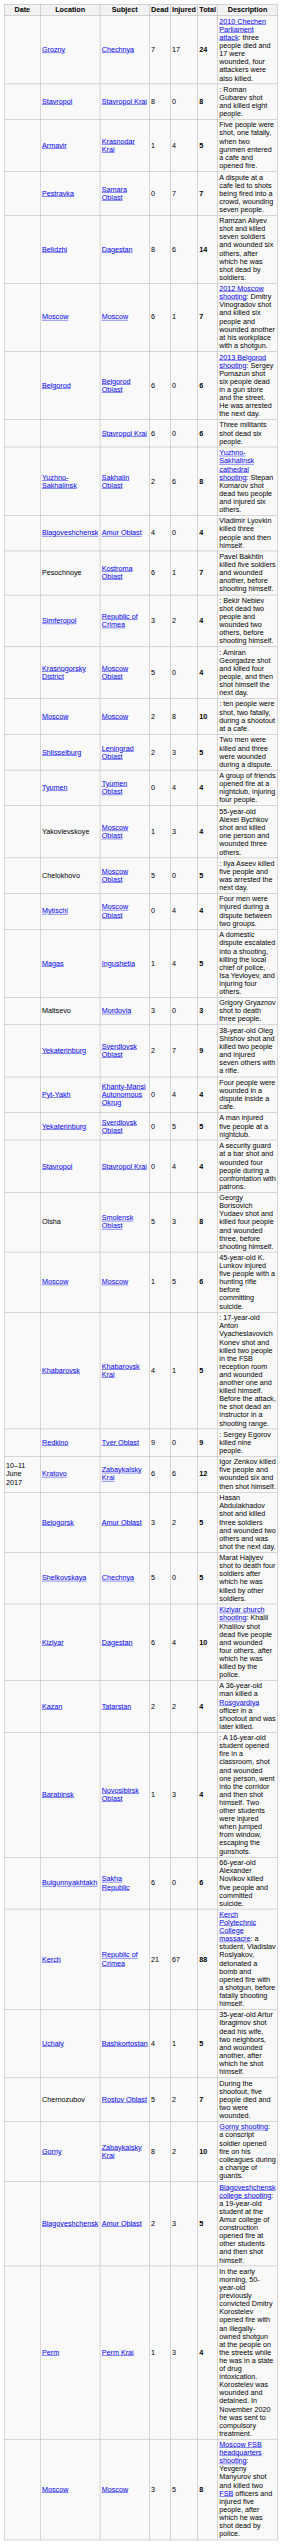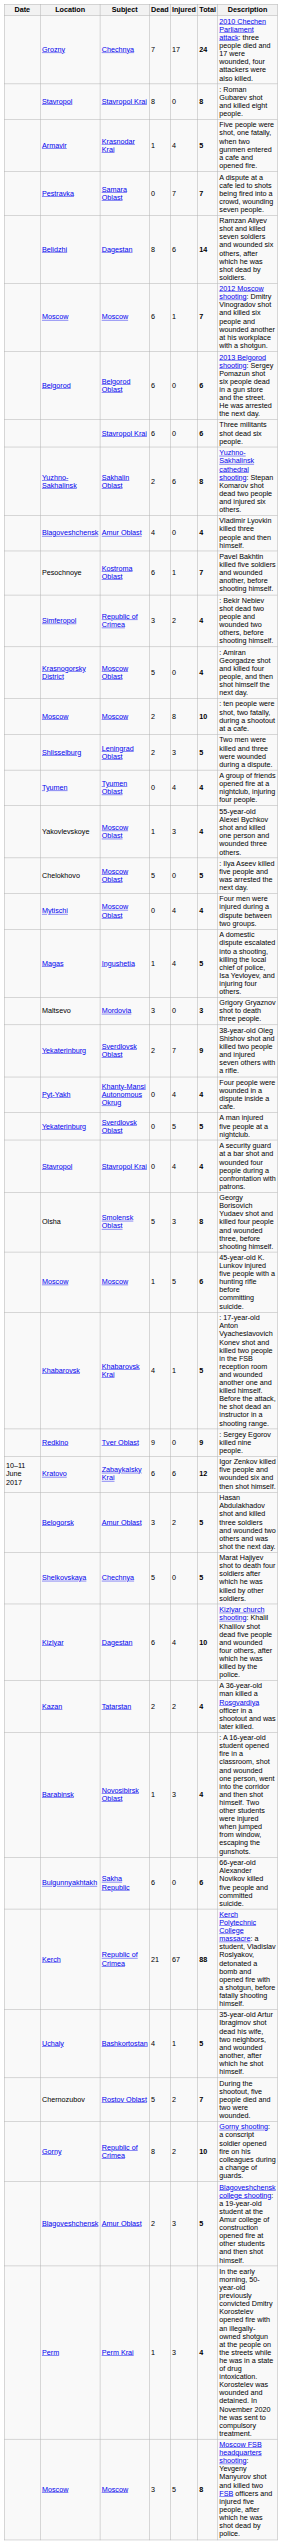 <table class="wikitable sortable">
 <tr>
 <th scope="col" style="width: 8rem;">Date</th>
 <th scope="col" style="width: 5rem;">Location</th>
 <th scope="col" style="width: 5rem;">Subject</th>
 <th data-sort-type=number>Dead</th>
 <th data-sort-type=number>Injured</th>
 <th data-sort-type=number>Total</th>
 <th class=unsortable>Description</th>
 </tr>
 <tr>
 <td></td>
 <td><a href='#'>Grozny</a></td>
 <td><a href='#'>Chechnya</a></td>
 <td>7</td>
 <td>17</td>
 <td><strong>24</strong></td>
 <td><a href='#'>2010 Chechen Parliament attack</a>: three people died and 17 were wounded, four attackers were also killed.</td>
 </tr>
 <tr>
 <td></td>
 <td><a href='#'>Stavropol</a></td>
 <td><a href='#'>Stavropol Krai</a></td>
 <td>8</td>
 <td>0</td>
 <td><strong>8</strong></td>
 <td>: Roman Gubarev shot and killed eight people.</td>
 </tr>
 <tr>
 <td></td>
 <td><a href='#'>Armavir</a></td>
 <td><a href='#'>Krasnodar Krai</a></td>
 <td>1</td>
 <td>4</td>
 <td><strong>5</strong></td>
 <td>Five people were shot, one fatally, when two gunmen entered a cafe and opened fire.</td>
 </tr>
 <tr>
 <td></td>
 <td><a href='#'>Pestravka</a></td>
 <td><a href='#'>Samara Oblast</a></td>
 <td>0</td>
 <td>7</td>
 <td><strong>7</strong></td>
 <td>A dispute at a cafe led to shots being fired into a crowd, wounding seven people.</td>
 </tr>
 <tr>
 <td></td>
 <td><a href='#'>Belidzhi</a></td>
 <td><a href='#'>Dagestan</a></td>
 <td>8</td>
 <td>6</td>
 <td><strong>14</strong></td>
 <td>Ramzan Aliyev shot and killed seven soldiers and wounded six others, after which he was shot dead by soldiers.</td>
 </tr>
 <tr>
 <td></td>
 <td><a href='#'>Moscow</a></td>
 <td><a href='#'>Moscow</a></td>
 <td>6</td>
 <td>1</td>
 <td><strong>7</strong></td>
 <td><a href='#'>2012 Moscow shooting</a>: Dmitry Vinogradov shot and killed six people and wounded another at his workplace with a shotgun.</td>
 </tr>
 <tr>
 <td></td>
 <td><a href='#'>Belgorod</a></td>
 <td><a href='#'>Belgorod Oblast</a></td>
 <td>6</td>
 <td>0</td>
 <td><strong>6</strong></td>
 <td><a href='#'>2013 Belgorod shooting</a>: Sergey Pomazun shot six people dead in a gun store and the street. He was arrested the next day.</td>
 </tr>
 <tr>
 <td></td>
 <td></td>
 <td><a href='#'>Stavropol Krai</a></td>
 <td>6</td>
 <td>0</td>
 <td><strong>6</strong></td>
 <td>Three militants shot dead six people.</td>
 </tr>
 <tr>
 <td></td>
 <td><a href='#'>Yuzhno-Sakhalinsk</a></td>
 <td><a href='#'>Sakhalin Oblast</a></td>
 <td>2</td>
 <td>6</td>
 <td><strong>8</strong></td>
 <td><a href='#'>Yuzhno-Sakhalinsk cathedral shooting</a>: Stepan Komarov shot dead two people and injured six others.</td>
 </tr>
 <tr>
 <td></td>
 <td><a href='#'>Blagoveshchensk</a></td>
 <td><a href='#'>Amur Oblast</a></td>
 <td>4</td>
 <td>0</td>
 <td><strong>4</strong></td>
 <td>Vladimir Lyovkin killed three people and then himself.</td>
 </tr>
 <tr>
 <td></td>
 <td>Pesochnoye</td>
 <td><a href='#'>Kostroma Oblast</a></td>
 <td>6</td>
 <td>1</td>
 <td><strong>7</strong></td>
 <td>Pavel Bakhtin killed five soldiers and wounded another, before shooting himself.</td>
 </tr>
 <tr>
 <td></td>
 <td><a href='#'>Simferopol</a></td>
 <td><a href='#'>Republic of Crimea</a></td>
 <td>3</td>
 <td>2</td>
 <td><strong>4</strong></td>
 <td>: Bekir Nebiev shot dead two people and wounded two others, before shooting himself.</td>
 </tr>
 <tr>
 <td></td>
 <td><a href='#'>Krasnogorsky District</a></td>
 <td><a href='#'>Moscow Oblast</a></td>
 <td>5</td>
 <td>0</td>
 <td><strong>4</strong></td>
 <td>: Amiran Georgadze shot and killed four people, and then shot himself the next day.</td>
 </tr>
 <tr>
 <td></td>
 <td><a href='#'>Moscow</a></td>
 <td><a href='#'>Moscow</a></td>
 <td>2</td>
 <td>8</td>
 <td><strong>10</strong></td>
 <td>: ten people were shot, two fatally, during a shootout at a cafe.</td>
 </tr>
 <tr>
 <td></td>
 <td><a href='#'>Shlisselburg</a></td>
 <td><a href='#'>Leningrad Oblast</a></td>
 <td>2</td>
 <td>3</td>
 <td><strong>5</strong></td>
 <td>Two men were killed and three were wounded during a dispute.</td>
 </tr>
 <tr>
 <td></td>
 <td><a href='#'>Tyumen</a></td>
 <td><a href='#'>Tyumen Oblast</a></td>
 <td>0</td>
 <td>4</td>
 <td><strong>4</strong></td>
 <td>A group of friends opened fire at a nightclub, injuring four people.</td>
 </tr>
 <tr>
 <td></td>
 <td>Yakovlevskoye</td>
 <td><a href='#'>Moscow Oblast</a></td>
 <td>1</td>
 <td>3</td>
 <td><strong>4</strong></td>
 <td>55-year-old Alexei Bychkov shot and killed one person and wounded three others.</td>
 </tr>
 <tr>
 <td></td>
 <td>Chelokhovo</td>
 <td><a href='#'>Moscow Oblast</a></td>
 <td>5</td>
 <td>0</td>
 <td><strong>5</strong></td>
 <td>: Ilya Aseev killed five people and was arrested the next day.</td>
 </tr>
 <tr>
 <td></td>
 <td><a href='#'>Mytischi</a></td>
 <td><a href='#'>Moscow Oblast</a></td>
 <td>0</td>
 <td>4</td>
 <td><strong>4</strong></td>
 <td>Four men were injured during a dispute between two groups.</td>
 </tr>
 <tr>
 <td></td>
 <td><a href='#'>Magas</a></td>
 <td><a href='#'>Ingushetia</a></td>
 <td>1</td>
 <td>4</td>
 <td><strong>5</strong></td>
 <td>A domestic dispute escalated into a shooting, killing the local chief of police, Isa Yevloyev, and injuring four others.</td>
 </tr>
 <tr>
 <td></td>
 <td>Maltsevo</td>
 <td><a href='#'>Mordovia</a></td>
 <td>3</td>
 <td>0</td>
 <td><strong>3</strong></td>
 <td>Grigory Gryaznov shot to death three people.</td>
 </tr>
 <tr>
 <td></td>
 <td><a href='#'>Yekaterinburg</a></td>
 <td><a href='#'>Sverdlovsk Oblast</a></td>
 <td>2</td>
 <td>7</td>
 <td><strong>9</strong></td>
 <td>38-year-old Oleg Shishov shot and killed two people and injured seven others with a rifle.</td>
 </tr>
 <tr>
 <td></td>
 <td><a href='#'>Pyt-Yakh</a></td>
 <td><a href='#'>Khanty-Mansi Autonomous Okrug</a></td>
 <td>0</td>
 <td>4</td>
 <td><strong>4</strong></td>
 <td>Four people were wounded in a dispute inside a cafe.</td>
 </tr>
 <tr>
 <td></td>
 <td><a href='#'>Yekaterinburg</a></td>
 <td><a href='#'>Sverdlovsk Oblast</a></td>
 <td>0</td>
 <td>5</td>
 <td><strong>5</strong></td>
 <td>A man injured five people at a nightclub.</td>
 </tr>
 <tr>
 <td></td>
 <td><a href='#'>Stavropol</a></td>
 <td><a href='#'>Stavropol Krai</a></td>
 <td>0</td>
 <td>4</td>
 <td><strong>4</strong></td>
 <td>A security guard at a bar shot and wounded four people during a confrontation with patrons.</td>
 </tr>
 <tr>
 <td></td>
 <td>Olsha</td>
 <td><a href='#'>Smolensk Oblast</a></td>
 <td>5</td>
 <td>3</td>
 <td><strong>8</strong></td>
 <td>Georgy Borisovich Yudaev shot and killed four people and wounded three, before shooting himself.</td>
 </tr>
 <tr>
 <td></td>
 <td><a href='#'>Moscow</a></td>
 <td><a href='#'>Moscow</a></td>
 <td>1</td>
 <td>5</td>
 <td><strong>6</strong></td>
 <td>45-year-old K. Lunkov injured five people with a hunting rifle before committing suicide.</td>
 </tr>
 <tr>
 <td></td>
 <td><a href='#'>Khabarovsk</a></td>
 <td><a href='#'>Khabarovsk Krai</a></td>
 <td>4</td>
 <td>1</td>
 <td><strong>5</strong></td>
 <td>: 17-year-old Anton Vyacheslavovich Konev shot and killed two people in the FSB reception room and wounded another one and killed himself.<br>Before the attack, he shot dead an instructor in a shooting range.</td>
 </tr>
 <tr>
 <td></td>
 <td><a href='#'>Redkino</a></td>
 <td><a href='#'>Tver Oblast</a></td>
 <td>9</td>
 <td>0</td>
 <td><strong>9</strong></td>
 <td>: Sergey Egorov killed nine people.</td>
 </tr>
 <tr>
 <td>10–11 June 2017</td>
 <td><a href='#'>Kratovo</a></td>
 <td><a href='#'>Zabaykalsky Krai</a></td>
 <td>6</td>
 <td>6</td>
 <td><strong>12</strong></td>
 <td> Igor Zenkov killed five people and wounded six and then shot himself.</td>
 </tr>
 <tr>
 <td></td>
 <td><a href='#'>Belogorsk</a></td>
 <td><a href='#'>Amur Oblast</a></td>
 <td>3</td>
 <td>2</td>
 <td><strong>5</strong></td>
 <td>Hasan Abdulakhadov shot and killed three soldiers and wounded two others and was shot the next day.</td>
 </tr>
 <tr>
 <td></td>
 <td><a href='#'>Shelkovskaya</a></td>
 <td><a href='#'>Chechnya</a></td>
 <td>5</td>
 <td>0</td>
 <td><strong>5</strong></td>
 <td>Marat Hajiyev shot to death four soldiers after which he was killed by other soldiers.</td>
 </tr>
 <tr>
 <td></td>
 <td><a href='#'>Kizlyar</a></td>
 <td><a href='#'>Dagestan</a></td>
 <td>6</td>
 <td>4</td>
 <td><strong>10</strong></td>
 <td><a href='#'>Kizlyar church shooting</a>: Khalil Khalilov shot dead five people and wounded four others, after which he was killed by the police.</td>
 </tr>
 <tr>
 <td></td>
 <td><a href='#'>Kazan</a></td>
 <td><a href='#'>Tatarstan</a></td>
 <td>2</td>
 <td>2</td>
 <td><strong>4</strong></td>
 <td>A 36-year-old man killed a <a href='#'>Rosgvardiya</a> officer in a shootout and was later killed.</td>
 </tr>
 <tr>
 <td></td>
 <td><a href='#'>Barabinsk</a></td>
 <td><a href='#'>Novosibirsk Oblast</a></td>
 <td>1</td>
 <td>3</td>
 <td><strong>4</strong></td>
 <td>: A 16-year-old student opened fire in a classroom, shot and wounded one person, went into the corridor and then shot himself. Two other students were injured when jumped from window, escaping the gunshots.</td>
 </tr>
 <tr>
 <td></td>
 <td><a href='#'>Bulgunnyakhtakh</a></td>
 <td><a href='#'>Sakha Republic</a></td>
 <td>6</td>
 <td>0</td>
 <td><strong>6</strong></td>
 <td>66-year-old Alexander Novikov killed five people and committed suicide.</td>
 </tr>
 <tr>
 <td></td>
 <td><a href='#'>Kerch</a></td>
 <td><a href='#'>Republic of Crimea</a></td>
 <td>21</td>
 <td>67</td>
 <td><strong>88</strong></td>
 <td><a href='#'>Kerch Polytechnic College massacre</a>: a student, Vladislav Roslyakov, detonated a bomb and opened fire with a shotgun, before fatally shooting himself.</td>
 </tr>
 <tr>
 <td></td>
 <td><a href='#'>Uchaly</a></td>
 <td><a href='#'>Bashkortostan</a></td>
 <td>4</td>
 <td>1</td>
 <td><strong>5</strong></td>
 <td>35-year-old Artur Ibragimov shot dead his wife, two neighbors, and wounded another, after which he shot himself.</td>
 </tr>
 <tr>
 <td></td>
 <td>Chernozubov</td>
 <td><a href='#'>Rostov Oblast</a></td>
 <td>5</td>
 <td>2</td>
 <td><strong>7</strong></td>
 <td>During the shootout, five people died and two were wounded.</td>
 </tr>
 <tr>
 <td></td>
 <td><a href='#'>Gorny</a></td>
-<td><a href='#'>Zabaykalsky Krai</a></td>
+<td><a href='#'>Republic of Crimea</a></td>
 <td>8</td>
 <td>2</td>
 <td><strong>10</strong></td>
 <td><a href='#'>Gorny shooting</a>: a conscript soldier opened fire on his colleagues during a change of guards.</td>
 </tr>
 <tr>
 <td></td>
 <td><a href='#'>Blagoveshchensk</a></td>
 <td><a href='#'>Amur Oblast</a></td>
 <td>2</td>
 <td>3</td>
 <td><strong>5</strong></td>
 <td><a href='#'>Blagoveshchensk college shooting</a>: a 19-year-old student at the Amur college of construction opened fire at other students and then shot himself.</td>
 </tr>
 <tr>
 <td></td>
 <td><a href='#'>Perm</a></td>
 <td><a href='#'>Perm Krai</a></td>
 <td>1</td>
 <td>3</td>
 <td><strong>4</strong></td>
 <td>In the early morning, 50-year-old previously convicted Dmitry Korostelev opened fire with an illegally-owned shotgun at the people on the streets while he was in a state of drug intoxication. Korostelev was wounded and detained. In November 2020 he was sent to compulsory treatment.</td>
 </tr>
 <tr>
 <td></td>
 <td><a href='#'>Moscow</a></td>
 <td><a href='#'>Moscow</a></td>
 <td>3</td>
 <td>5</td>
 <td><strong>8</strong></td>
 <td><a href='#'>Moscow FSB headquarters shooting</a>: Yevgeny Manyurov shot and killed two <a href='#'>FSB</a> officers and injured five people, after which he was shot dead by police.</td>
 </tr>
 </table>
